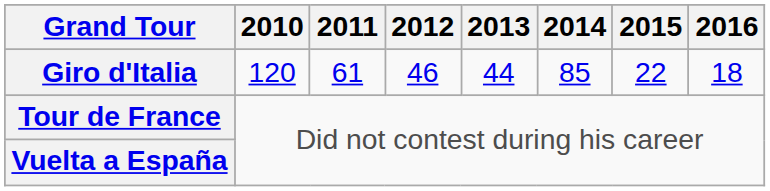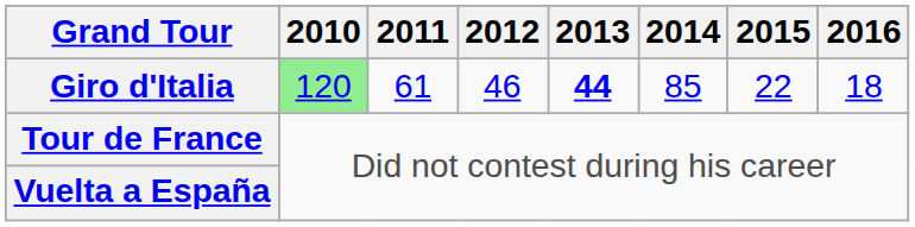 <table class="wikitable plainrowheaders">
 <tr>
 <th scope="col"><a href='#'>Grand Tour</a></th>
 <th scope="col">2010</th>
 <th scope="col">2011</th>
 <th scope="col">2012</th>
 <th scope="col">2013</th>
 <th scope="col">2014</th>
 <th scope="col">2015</th>
 <th scope="col">2016</th>
 </tr>
 <tr style="text-align:center;">
 <th scope="row"> <a href='#'>Giro d'Italia</a></th>
-<td><a href='#'>120</a></td>
+<td style="background: lightgreen;"><a href='#'>120</a></td>
 <td><a href='#'>61</a></td>
 <td><a href='#'>46</a></td>
-<td><a href='#'>44</a></td>
+<td><strong><a href='#'>44</a></strong></td>
 <td><a href='#'>85</a></td>
 <td><a href='#'>22</a></td>
 <td><a href='#'>18</a></td>
 </tr>
 <tr style="text-align:center;">
 <th scope="row"> <a href='#'>Tour de France</a></th>
 <td style="color:#4d4d4d;" colspan=7 rowspan=2>Did not contest during his career</td>
 </tr>
 <tr style="text-align:center;">
 <th scope="row"> <a href='#'>Vuelta a España</a></th>
 </tr>
 </table>
